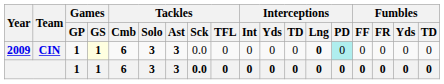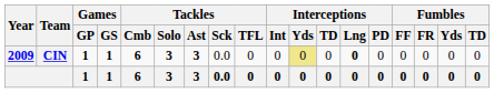 <table class="wikitable" style="text-align:center">
 <tr>
 <th rowspan="2">Year</th>
 <th rowspan="2">Team</th>
 <th colspan="2">Games</th>
 <th colspan="5">Tackles</th>
 <th colspan="5">Interceptions</th>
 <th colspan="4">Fumbles</th>
 </tr>
 <tr>
 <th>GP</th>
 <th>GS</th>
 <th>Cmb</th>
 <th>Solo</th>
 <th>Ast</th>
 <th>Sck</th>
 <th>TFL</th>
 <th>Int</th>
 <th>Yds</th>
 <th>TD</th>
 <th>Lng</th>
 <th>PD</th>
 <th>FF</th>
 <th>FR</th>
 <th>Yds</th>
 <th>TD</th>
 </tr>
 <tr>
 <th><a href='#'>2009</a></th>
 <th><a href='#'>CIN</a></th>
 <td><strong>1</strong></td>
-<td style="background: lightyellow;"><strong>1</strong></td>
+<td><strong>1</strong></td>
 <td><strong>6</strong></td>
 <td><strong>3</strong></td>
 <td><strong>3</strong></td>
 <td>0.0</td>
 <td>0</td>
 <td>0</td>
-<td>0</td>
+<td style="background: khaki;">0</td>
 <td>0</td>
 <td><strong>0</strong></td>
-<td style="background: paleturquoise;">0</td>
+<td>0</td>
 <td>0</td>
 <td>0</td>
 <td>0</td>
 <td>0</td>
 </tr>
 <tr>
 <th colspan="2"></th>
 <th>1</th>
 <th>1</th>
 <th>6</th>
 <th>3</th>
 <th>3</th>
 <th>0.0</th>
 <th>0</th>
 <th>0</th>
 <th>0</th>
 <th>0</th>
 <th>0</th>
 <th>0</th>
 <th>0</th>
 <th>0</th>
 <th>0</th>
 <th>0</th>
 </tr>
 </table>
